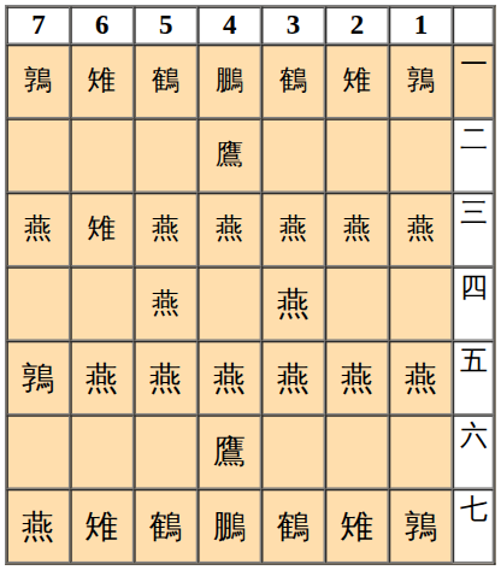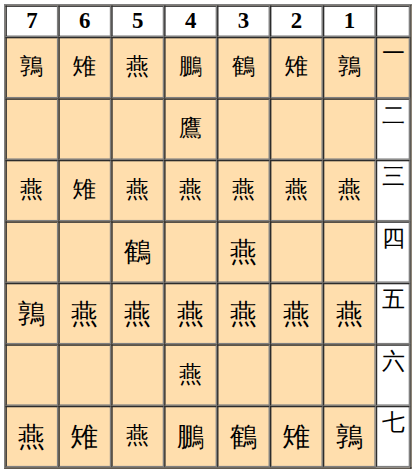 <table style="background:#ffdead" border="1" cellspacing="0">
 <tr align=center border="0" style="background:white;">
 <th style="width:33px">7</th>
 <th style="width:33px">6</th>
 <th style="width:33px">5</th>
 <th style="width:33px">4</th>
 <th style="width:33px">3</th>
 <th style="width:33px">2</th>
 <th style="width:33px">1</th>
 <th> </th>
 </tr>
 <tr align=center>
 <td>鶉</td>
 <td>雉</td>
-<td>鶴</td>
+<td>燕</td>
 <td>鵬</td>
 <td>鶴</td>
 <td>雉</td>
 <td>鶉</td>
 <td style="width:20px" style="background:white;">一<br> </td>
 </tr>
 <tr align=center>
 <td> </td>
 <td> </td>
 <td> </td>
 <td>鷹</td>
 <td> </td>
 <td> </td>
 <td> </td>
 <td style="background:white;">二<br> </td>
 </tr>
 <tr align=center>
 <td>燕</td>
 <td>雉</td>
 <td>燕</td>
 <td>燕</td>
 <td>燕</td>
 <td>燕</td>
 <td>燕</td>
 <td style="background:white;">三<br> </td>
 </tr>
 <tr align=center>
 <td> </td>
 <td> </td>
-<td>燕</td>
+<td><big>鶴</big></td>
 <td> </td>
 <td><big>燕</big></td>
 <td> </td>
 <td> </td>
 <td style="background:white;">四<br> </td>
 </tr>
 <tr align=center>
 <td><big>鶉</big></td>
 <td><big>燕</big></td>
 <td><big>燕</big></td>
 <td><big>燕</big></td>
 <td><big>燕</big></td>
 <td><big>燕</big></td>
 <td><big>燕</big></td>
 <td style="background:white;">五<br> </td>
 </tr>
 <tr align=center>
 <td> </td>
 <td> </td>
 <td> </td>
-<td><big>鷹</big></td>
+<td>燕</td>
 <td> </td>
 <td> </td>
 <td> </td>
 <td style="background:white;">六<br> </td>
 </tr>
 <tr align=center>
 <td><big>燕</big></td>
 <td><big>雉</big></td>
-<td><big>鶴</big></td>
+<td>燕</td>
 <td><big>鵬</big></td>
 <td><big>鶴</big></td>
 <td><big>雉</big></td>
 <td><big>鶉</big></td>
 <td style="background:white;">七<br> </td>
 </tr>
 </table>
